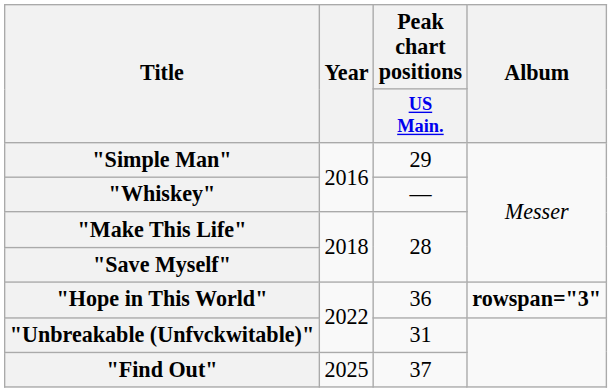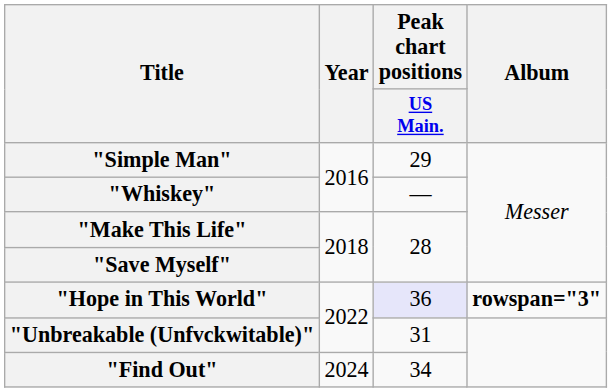 <table class="wikitable plainrowheaders" style="text-align:center;">
 <tr>
 <th scope="col" rowspan="2">Title</th>
 <th scope="col" rowspan="2">Year</th>
 <th scope="col">Peak chart positions</th>
 <th scope="col" rowspan="2">Album</th>
 </tr>
 <tr style="font-size:smaller">
 <th style="width:30px;"><a href='#'>US<br>Main.</a><br></th>
 </tr>
 <tr>
 <th scope="row">"Simple Man"</th>
 <td rowspan="2">2016</td>
 <td>29</td>
 <td rowspan="4"><em>Messer</em></td>
 </tr>
 <tr>
 <th scope="row">"Whiskey"</th>
 <td>—</td>
 </tr>
 <tr>
 <th scope="row">"Make This Life"</th>
 <td rowspan="2">2018</td>
 <td rowspan="2">28</td>
 </tr>
 <tr>
 <th scope="row">"Save Myself"</th>
 </tr>
 <tr>
 <th scope="row">"Hope in This World"</th>
 <td rowspan="2">2022</td>
-<td>36</td>
+<td style="background: lavender;">36</td>
 <td><strong>rowspan="3" </strong></td>
 </tr>
 <tr>
 <th scope="row">"Unbreakable (Unfvckwitable)"</th>
 <td>31</td>
 </tr>
 <tr>
 <th scope="row">"Find Out"</th>
-<td>2025</td>
-<td>37</td>
+<td>2024</td>
+<td>34</td>
 </tr>
 </table>
